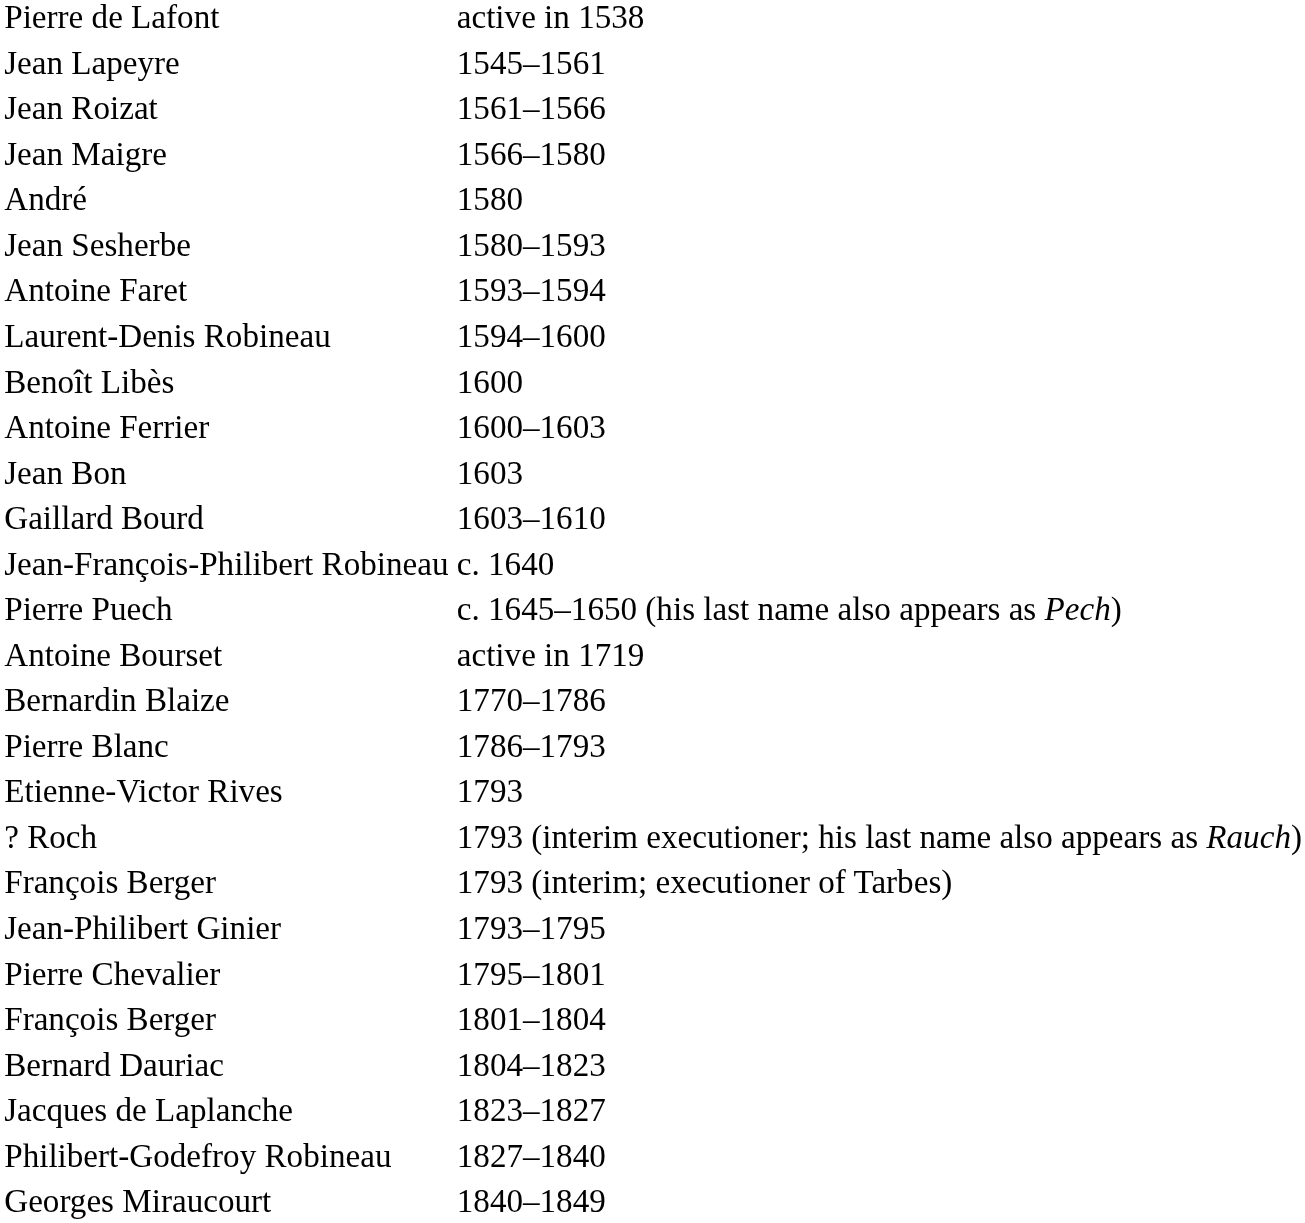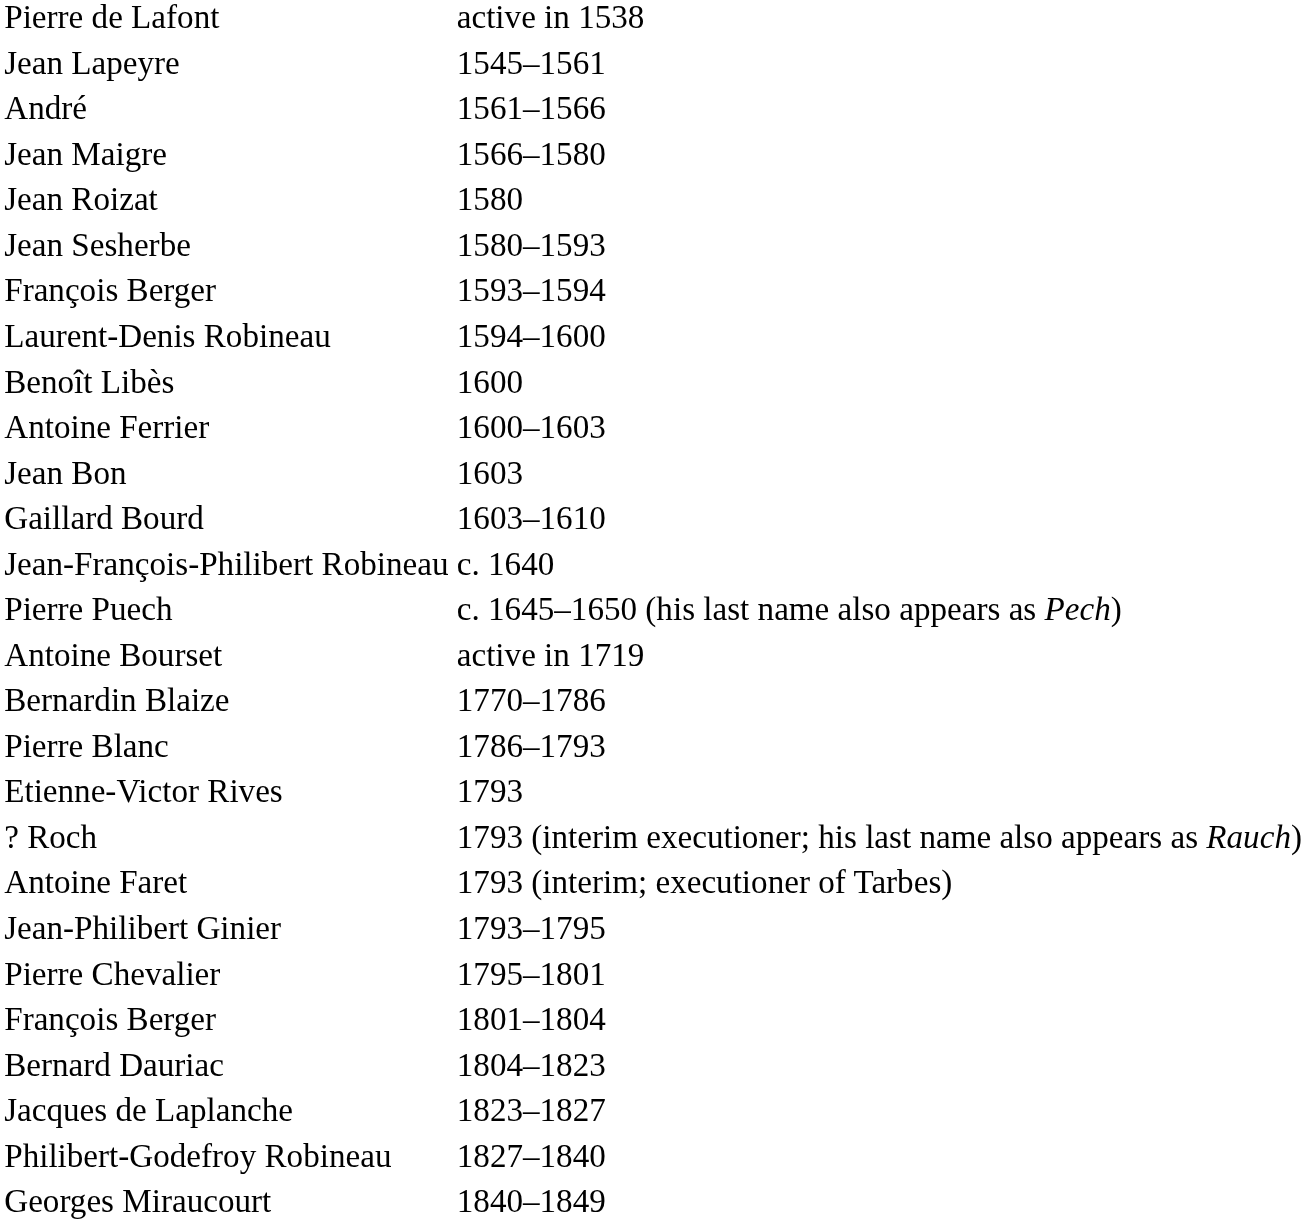 <table>
 <tr>
 <td>Pierre de Lafont</td>
 <td>active in 1538</td>
 </tr>
 <tr>
 <td>Jean Lapeyre</td>
 <td>1545–1561</td>
 </tr>
 <tr>
-<td>Jean Roizat</td>
+<td>André</td>
 <td>1561–1566</td>
 </tr>
 <tr>
 <td>Jean Maigre</td>
 <td>1566–1580</td>
 </tr>
 <tr>
-<td>André</td>
+<td>Jean Roizat</td>
 <td>1580</td>
 </tr>
 <tr>
 <td>Jean Sesherbe</td>
 <td>1580–1593</td>
 </tr>
 <tr>
-<td>Antoine Faret</td>
+<td>François Berger</td>
 <td>1593–1594</td>
 </tr>
 <tr>
 <td>Laurent-Denis Robineau</td>
 <td>1594–1600</td>
 </tr>
 <tr>
 <td>Benoît Libès</td>
 <td>1600</td>
 </tr>
 <tr>
 <td>Antoine Ferrier</td>
 <td>1600–1603</td>
 </tr>
 <tr>
 <td>Jean Bon</td>
 <td>1603</td>
 </tr>
 <tr>
 <td>Gaillard Bourd</td>
 <td>1603–1610</td>
 </tr>
 <tr>
 <td>Jean-François-Philibert Robineau</td>
 <td>c. 1640</td>
 </tr>
 <tr>
 <td>Pierre Puech</td>
 <td>c. 1645–1650 (his last name also appears as <em>Pech</em>)</td>
 </tr>
 <tr>
 <td>Antoine Bourset</td>
 <td>active in 1719</td>
 </tr>
 <tr>
 <td>Bernardin Blaize</td>
 <td>1770–1786</td>
 </tr>
 <tr>
 <td>Pierre Blanc</td>
 <td>1786–1793</td>
 </tr>
 <tr>
 <td>Etienne-Victor Rives</td>
 <td>1793</td>
 </tr>
 <tr>
 <td>? Roch</td>
 <td>1793 (interim executioner; his last name also appears as <em>Rauch</em>)</td>
 </tr>
 <tr>
-<td>François Berger</td>
+<td>Antoine Faret</td>
 <td>1793 (interim; executioner of Tarbes)</td>
 </tr>
 <tr>
 <td>Jean-Philibert Ginier</td>
 <td>1793–1795</td>
 </tr>
 <tr>
 <td>Pierre Chevalier</td>
 <td>1795–1801</td>
 </tr>
 <tr>
 <td>François Berger</td>
 <td>1801–1804</td>
 </tr>
 <tr>
 <td>Bernard Dauriac</td>
 <td>1804–1823</td>
 </tr>
 <tr>
 <td>Jacques de Laplanche</td>
 <td>1823–1827</td>
 </tr>
 <tr>
 <td>Philibert-Godefroy Robineau</td>
 <td>1827–1840</td>
 </tr>
 <tr>
 <td>Georges Miraucourt</td>
 <td>1840–1849</td>
 </tr>
 </table>
